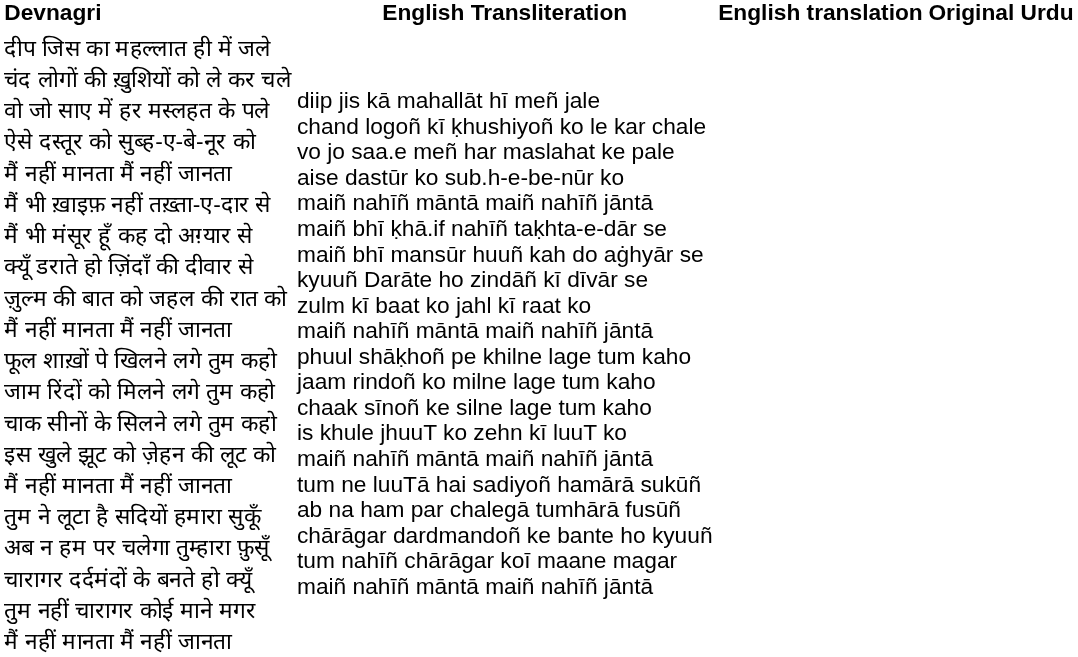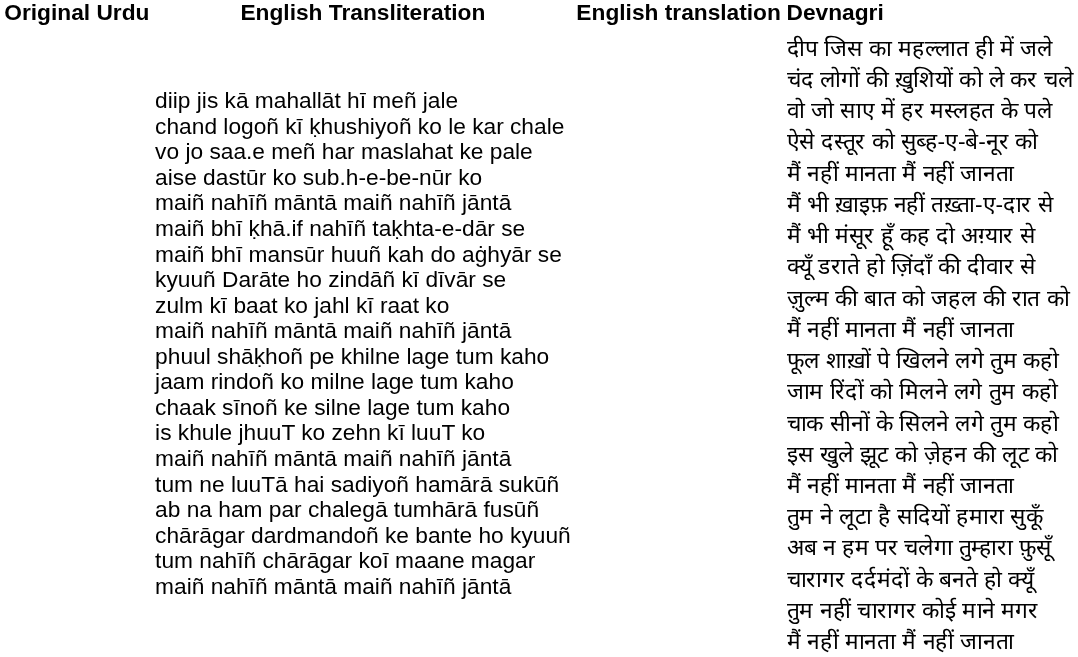 <table>
 <tr>
-<td><strong>Devnagri</strong></td>
+<th>Original Urdu</th>
 <th>English Transliteration</th>
 <th>English translation</th>
-<th>Original Urdu</th>
+<td><strong>Devnagri</strong></td>
 </tr>
 <tr>
-<td>दीप जिस का महल्लात ही में जले<br>चंद लोगों की ख़ुशियों को ले कर चले<br>वो जो साए में हर मस्लहत के पले<br>ऐसे दस्तूर को सुब्ह-ए-बे-नूर को<br>मैं नहीं मानता मैं नहीं जानता<br>मैं भी ख़ाइफ़ नहीं तख़्ता-ए-दार से<br>मैं भी मंसूर हूँ कह दो अग़्यार से<br>क्यूँ डराते हो ज़िंदाँ की दीवार से<br>ज़ुल्म की बात को जहल की रात को<br>मैं नहीं मानता मैं नहीं जानता<br>फूल शाख़ों पे खिलने लगे तुम कहो<br>जाम रिंदों को मिलने लगे तुम कहो<br>चाक सीनों के सिलने लगे तुम कहो<br>इस खुले झूट को ज़ेहन की लूट को<br>मैं नहीं मानता मैं नहीं जानता<br>तुम ने लूटा है सदियों हमारा सुकूँ<br>अब न हम पर चलेगा तुम्हारा फ़ुसूँ<br>चारागर दर्दमंदों के बनते हो क्यूँ<br>तुम नहीं चारागर कोई माने मगर<br>मैं नहीं मानता मैं नहीं जानता</td>
+<td><br><div></div></td>
 <td>diip jis kā mahallāt hī meñ jale<br>chand logoñ kī ḳhushiyoñ ko le kar chale<br>vo jo saa.e meñ har maslahat ke pale<br>aise dastūr ko sub.h-e-be-nūr ko<br>maiñ nahīñ māntā maiñ nahīñ jāntā<br>maiñ bhī ḳhā.if nahīñ taḳhta-e-dār se<br>maiñ bhī mansūr huuñ kah do aġhyār se<br>kyuuñ Darāte ho zindāñ kī dīvār se<br>zulm kī baat ko jahl kī raat ko<br>maiñ nahīñ māntā maiñ nahīñ jāntā<br>phuul shāḳhoñ pe khilne lage tum kaho<br>jaam rindoñ ko milne lage tum kaho<br>chaak sīnoñ ke silne lage tum kaho<br>is khule jhuuT ko zehn kī luuT ko<br>maiñ nahīñ māntā maiñ nahīñ jāntā<br>tum ne luuTā hai sadiyoñ hamārā sukūñ<br>ab na ham par chalegā tumhārā fusūñ<br>chārāgar dardmandoñ ke bante ho kyuuñ<br>tum nahīñ chārāgar koī maane magar<br>maiñ nahīñ māntā maiñ nahīñ jāntā</td>
 <td><br><blockquote><br> </blockquote></td>
-<td><br><div></div></td>
+<td>दीप जिस का महल्लात ही में जले<br>चंद लोगों की ख़ुशियों को ले कर चले<br>वो जो साए में हर मस्लहत के पले<br>ऐसे दस्तूर को सुब्ह-ए-बे-नूर को<br>मैं नहीं मानता मैं नहीं जानता<br>मैं भी ख़ाइफ़ नहीं तख़्ता-ए-दार से<br>मैं भी मंसूर हूँ कह दो अग़्यार से<br>क्यूँ डराते हो ज़िंदाँ की दीवार से<br>ज़ुल्म की बात को जहल की रात को<br>मैं नहीं मानता मैं नहीं जानता<br>फूल शाख़ों पे खिलने लगे तुम कहो<br>जाम रिंदों को मिलने लगे तुम कहो<br>चाक सीनों के सिलने लगे तुम कहो<br>इस खुले झूट को ज़ेहन की लूट को<br>मैं नहीं मानता मैं नहीं जानता<br>तुम ने लूटा है सदियों हमारा सुकूँ<br>अब न हम पर चलेगा तुम्हारा फ़ुसूँ<br>चारागर दर्दमंदों के बनते हो क्यूँ<br>तुम नहीं चारागर कोई माने मगर<br>मैं नहीं मानता मैं नहीं जानता</td>
 </tr>
 </table>
